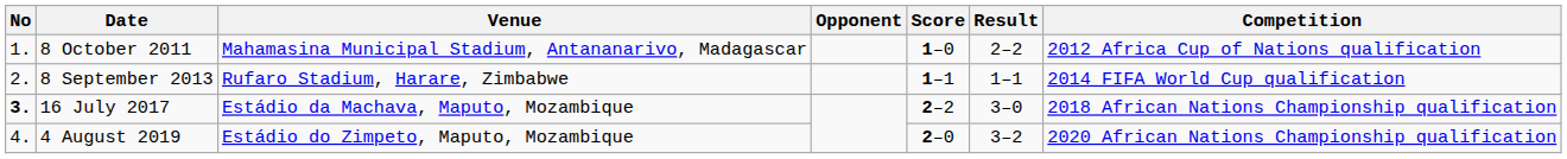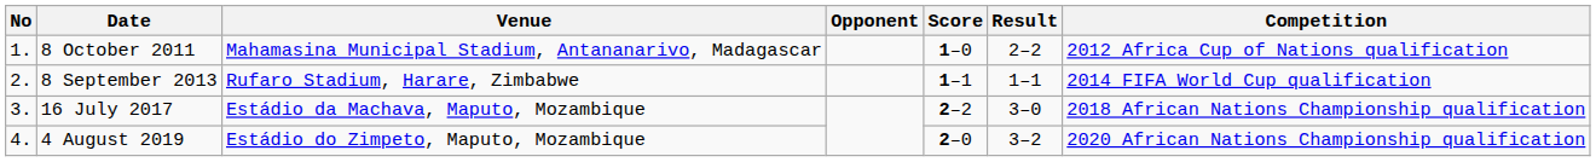 <table class="wikitable" style="font-size:100%;">
 <tr>
 <th>No</th>
 <th>Date</th>
 <th>Venue</th>
 <th>Opponent</th>
 <th>Score</th>
 <th>Result</th>
 <th>Competition</th>
 </tr>
 <tr>
 <td>1.</td>
 <td>8 October 2011</td>
 <td><a href='#'>Mahamasina Municipal Stadium</a>, <a href='#'>Antananarivo</a>, Madagascar</td>
 <td></td>
 <td align=center><strong>1</strong>–0</td>
 <td align=center>2–2</td>
 <td><a href='#'>2012 Africa Cup of Nations qualification</a></td>
 </tr>
 <tr>
 <td>2.</td>
 <td>8 September 2013</td>
 <td><a href='#'>Rufaro Stadium</a>, <a href='#'>Harare</a>, Zimbabwe</td>
 <td></td>
 <td align=center><strong>1</strong>–1</td>
 <td align=center>1–1</td>
 <td><a href='#'>2014 FIFA World Cup qualification</a></td>
 </tr>
 <tr>
-<td><strong>3.</strong></td>
+<td>3.</td>
 <td>16 July 2017</td>
 <td><a href='#'>Estádio da Machava</a>, <a href='#'>Maputo</a>, Mozambique</td>
 <td rowspan=2></td>
 <td align=center><strong>2</strong>–2</td>
 <td align=center>3–0</td>
 <td><a href='#'>2018 African Nations Championship qualification</a></td>
 </tr>
 <tr>
 <td>4.</td>
 <td>4 August 2019</td>
 <td><a href='#'>Estádio do Zimpeto</a>, Maputo, Mozambique</td>
 <td align=center><strong>2</strong>–0</td>
 <td align=center>3–2</td>
 <td><a href='#'>2020 African Nations Championship qualification</a></td>
 </tr>
 </table>
